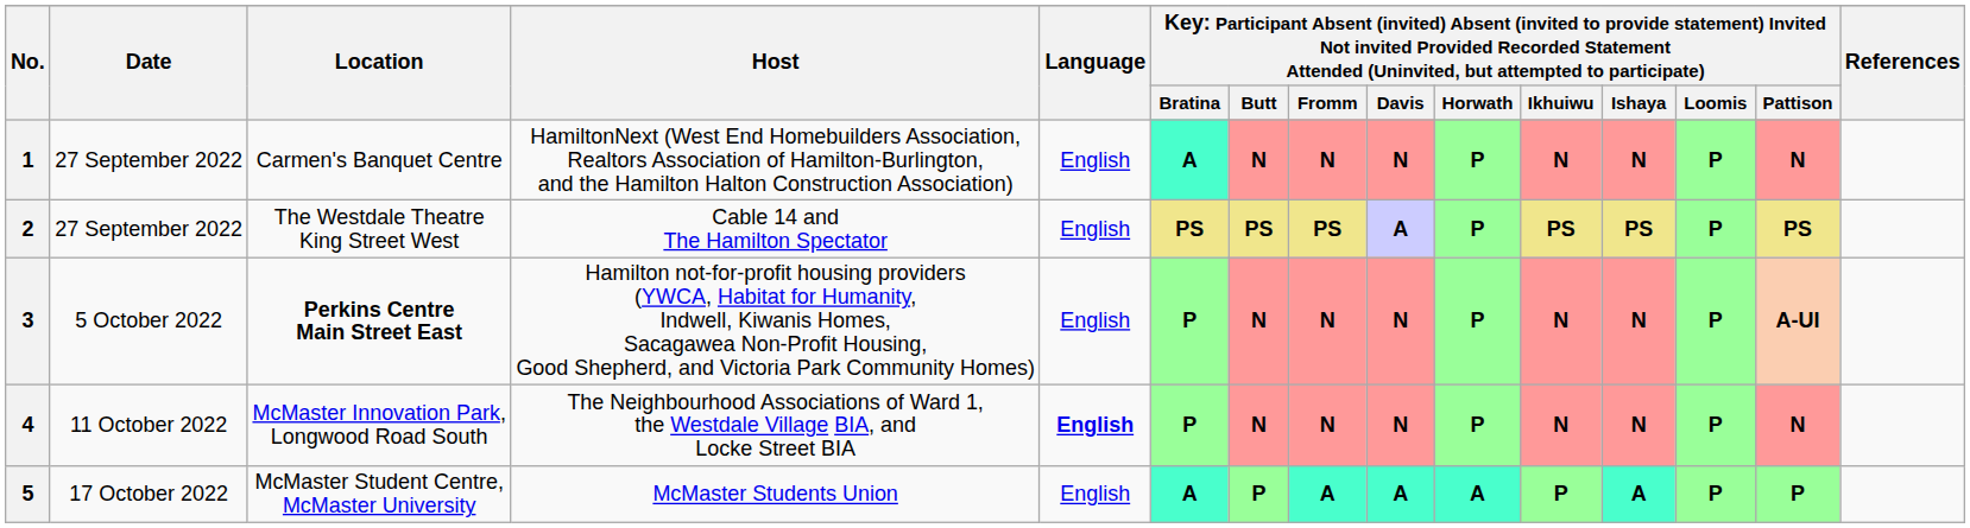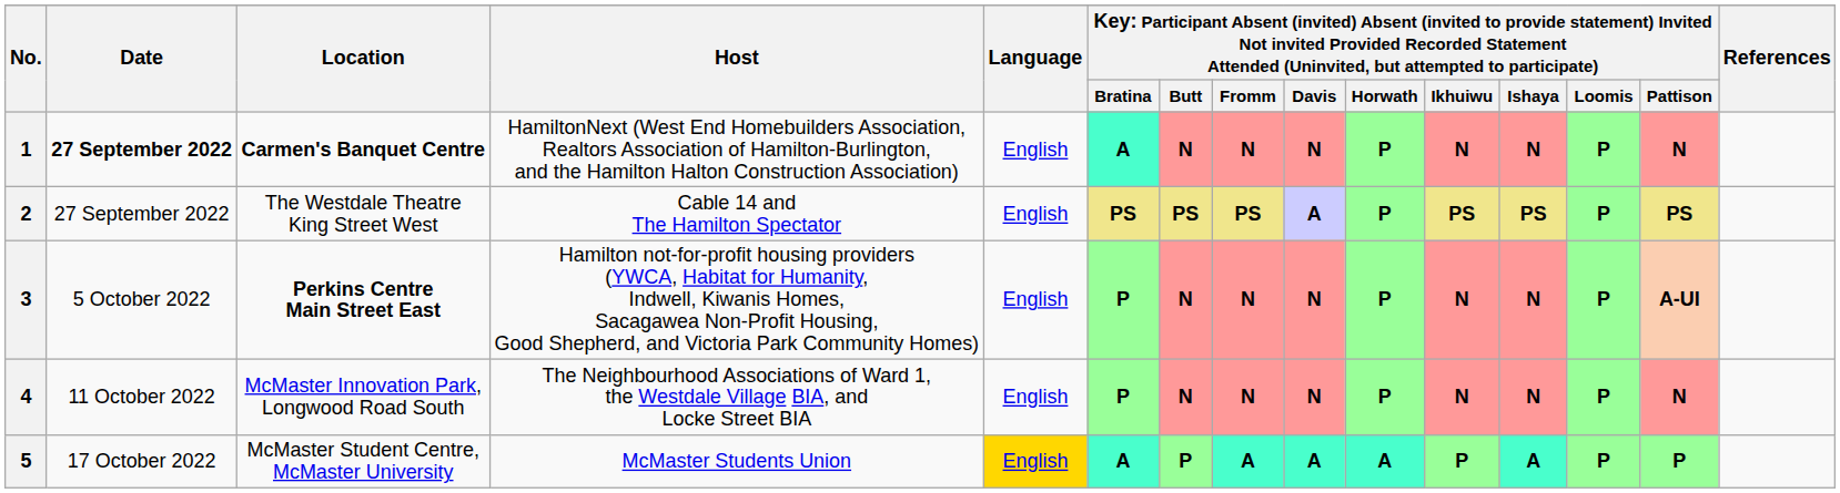 <table class="wikitable" style="font-size:85%; text-align:center;">
 <tr>
 </tr>
 <tr>
 <th rowspan="2" style="white-space:nowrap;">No.</th>
 <th rowspan="2">Date</th>
 <th rowspan="2">Location</th>
 <th rowspan="2">Host</th>
 <th rowspan="2">Language</th>
 <th colspan="9">Key:<small> Participant  Absent (invited)  Absent (invited to provide statement)  Invited  Not invited  Provided Recorded Statement <br> Attended (Uninvited, but attempted to participate)</small></th>
 <th rowspan="2">References</th>
 </tr>
 <tr>
 <th scope="col" style="width:4em;"><small>Bratina</small></th>
 <th scope="col" style="width:4em;"><small>Butt</small></th>
 <th scope="col" style="width:4em;"><small>Fromm</small></th>
 <th scope="col" style="width:4em;"><small>Davis</small></th>
 <th scope="col" style="width:4em;"><small>Horwath</small></th>
 <th scope="col" style="width:4em;"><small>Ikhuiwu</small></th>
 <th scope="col" style="width:4em;"><small>Ishaya</small></th>
 <th scope="col" style="width:4em;"><small>Loomis</small></th>
 <th scope="col" style="width:4em;"><small>Pattison</small></th>
 </tr>
 <tr>
 <th>1</th>
-<td style="white-space:nowrap;">27 September 2022</td>
-<td style="white-space:nowrap;">Carmen's Banquet Centre</td>
+<td style="white-space:nowrap;"><strong>27 September 2022</strong></td>
+<td style="white-space:nowrap;"><strong>Carmen's Banquet Centre</strong></td>
 <td style="white-space:nowrap; text-align:center;">HamiltonNext (West End Homebuilders Association,<br>Realtors Association of Hamilton-Burlington,<br>and the Hamilton Halton Construction Association)</td>
 <td style="white-space:nowrap;"><a href='#'>English</a></td>
 <td style="background-color:#49FFCC; color:black; text-align:center;"><strong>A</strong></td>
 <td style="background-color:#ff9999; color:black; text-align:center;"><strong>N</strong></td>
 <td style="background-color:#ff9999; color:black; text-align:center;"><strong>N</strong></td>
 <td style="background-color:#ff9999; color:black; text-align:center;"><strong>N</strong></td>
 <td style="background-color:#99ff99; color:black; text-align:center;"><strong>P</strong></td>
 <td style="background-color:#ff9999; color:black; text-align:center;"><strong>N</strong></td>
 <td style="background-color:#ff9999; color:black; text-align:center;"><strong>N</strong></td>
 <td style="background-color:#99ff99; color:black; text-align:center;"><strong>P</strong></td>
 <td style="background-color:#ff9999; color:black; text-align:center;"><strong>N</strong></td>
 <td style="white-space:nowrap;"></td>
 </tr>
 <tr>
 <th>2</th>
 <td style="white-space:nowrap;">27 September 2022</td>
 <td style="white-space:nowrap;">The Westdale Theatre<br>King Street West</td>
 <td style="white-space:nowrap; text-align:center;">Cable 14 and<br><a href='#'>The Hamilton Spectator</a></td>
 <td style="white-space:nowrap;"><a href='#'>English</a></td>
 <td style="background-color:#f0e68c; color:black; text-align:center;"><strong>PS</strong></td>
 <td style="background-color:#f0e68c; color:black; text-align:center;"><strong>PS</strong></td>
 <td style="background-color:#f0e68c; color:black; text-align:center;"><strong>PS</strong></td>
 <td style="background-color:#CCCCFF; color:black; text-align:center;"><strong>A</strong></td>
 <td style="background-color:#99ff99; color:black; text-align:center;"><strong>P</strong></td>
 <td style="background-color:#f0e68c; color:black; text-align:center;"><strong>PS</strong></td>
 <td style="background-color:#f0e68c; color:black; text-align:center;"><strong>PS</strong></td>
 <td style="background-color:#99ff99; color:black; text-align:center;"><strong>P</strong></td>
 <td style="background-color:#f0e68c; color:black; text-align:center;"><strong>PS</strong></td>
 <td style="white-space:nowrap;"></td>
 </tr>
 <tr>
 <th>3</th>
 <td style="white-space:nowrap;">5 October 2022</td>
 <td style="white-space:nowrap;"><strong>Perkins Centre<br>Main Street East</strong></td>
 <td style="white-space:nowrap; text-align:center;">Hamilton not-for-profit housing providers<br>(<a href='#'>YWCA</a>, <a href='#'>Habitat for Humanity</a>,<br>Indwell, Kiwanis Homes,<br>Sacagawea Non-Profit Housing,<br>Good Shepherd, and Victoria Park Community Homes)</td>
 <td style="white-space:nowrap;"><a href='#'>English</a></td>
 <td style="background-color:#99ff99; color:black; text-align:center;"><strong>P</strong></td>
 <td style="background-color:#ff9999; color:black; text-align:center;"><strong>N</strong></td>
 <td style="background-color:#ff9999; color:black; text-align:center;"><strong>N</strong></td>
 <td style="background-color:#ff9999; color:black; text-align:center;"><strong>N</strong></td>
 <td style="background-color:#99ff99; color:black; text-align:center;"><strong>P</strong></td>
 <td style="background-color:#ff9999; color:black; text-align:center;"><strong>N</strong></td>
 <td style="background-color:#ff9999; color:black; text-align:center;"><strong>N</strong></td>
 <td style="background-color:#99ff99; color:black; text-align:center;"><strong>P</strong></td>
 <td style="background-color:#FBCEB1; color:black; text-align:center;"><strong>A-UI</strong></td>
 <td style="white-space:nowrap;"></td>
 </tr>
 <tr>
 <th>4</th>
 <td style="white-space:nowrap;">11 October 2022</td>
 <td style="white-space:nowrap;"><a href='#'>McMaster Innovation Park</a>,<br>Longwood Road South</td>
 <td style="white-space:nowrap; text-align:center;">The Neighbourhood Associations of Ward 1,<br>the <a href='#'>Westdale Village</a> <a href='#'>BIA</a>, and<br>Locke Street BIA</td>
-<td style="white-space:nowrap;"><strong><a href='#'>English</a></strong></td>
+<td style="white-space:nowrap;"><a href='#'>English</a></td>
 <td style="background-color:#99ff99; color:black; text-align:center;"><strong>P</strong></td>
 <td style="background-color:#ff9999; color:black; text-align:center;"><strong>N</strong></td>
 <td style="background-color:#ff9999; color:black; text-align:center;"><strong>N</strong></td>
 <td style="background-color:#ff9999; color:black; text-align:center;"><strong>N</strong></td>
 <td style="background-color:#99ff99; color:black; text-align:center;"><strong>P</strong></td>
 <td style="background-color:#ff9999; color:black; text-align:center;"><strong>N</strong></td>
 <td style="background-color:#ff9999; color:black; text-align:center;"><strong>N</strong></td>
 <td style="background-color:#99ff99; color:black; text-align:center;"><strong>P</strong></td>
 <td style="background-color:#ff9999; color:black; text-align:center;"><strong>N</strong></td>
 <td style="white-space:nowrap;"></td>
 </tr>
 <tr>
 <th>5</th>
 <td style="white-space:nowrap;">17 October 2022</td>
 <td style="white-space:nowrap;">McMaster Student Centre,<br><a href='#'>McMaster University</a></td>
 <td style="white-space:nowrap; text-align:center;"><a href='#'>McMaster Students Union</a></td>
-<td style="white-space:nowrap;"><a href='#'>English</a></td>
+<td style="background: gold; white-space:nowrap;"><a href='#'>English</a></td>
 <td style="background-color:#49FFCC; color:black; text-align:center;"><strong>A</strong></td>
 <td style="background-color:#99ff99; color:black; text-align:center;"><strong>P</strong></td>
 <td style="background-color:#49FFCC; color:black; text-align:center;"><strong>A</strong></td>
 <td style="background-color:#49FFCC; color:black; text-align:center;"><strong>A</strong></td>
 <td style="background-color:#49FFCC; color:black; text-align:center;"><strong>A</strong></td>
 <td style="background-color:#99ff99; color:black; text-align:center;"><strong>P</strong></td>
 <td style="background-color:#49FFCC; color:black; text-align:center;"><strong>A</strong></td>
 <td style="background-color:#99ff99; color:black; text-align:center;"><strong>P</strong></td>
 <td style="background-color:#99ff99; color:black; text-align:center;"><strong>P</strong></td>
 <td style="white-space:nowrap;"></td>
 </tr>
 </table>
